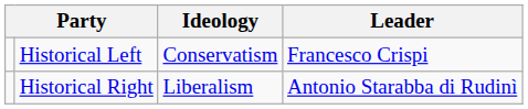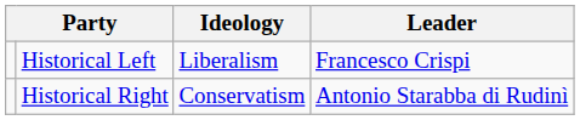 <table class=wikitable style="font-size:100%">
 <tr>
 <th colspan=2>Party</th>
 <th>Ideology</th>
 <th>Leader</th>
 </tr>
 <tr>
 <td style="color:inherit;background:"></td>
 <td><a href='#'>Historical Left</a></td>
-<td><a href='#'>Conservatism</a></td>
+<td><a href='#'>Liberalism</a></td>
 <td><a href='#'>Francesco Crispi</a></td>
 </tr>
 <tr>
 <td style="color:inherit;background:"></td>
 <td><a href='#'>Historical Right</a></td>
-<td><a href='#'>Liberalism</a></td>
+<td><a href='#'>Conservatism</a></td>
 <td><a href='#'>Antonio Starabba di Rudinì</a></td>
 </tr>
 </table>
